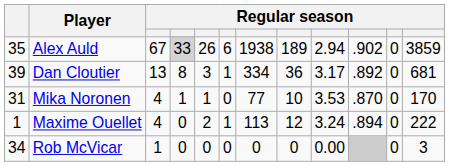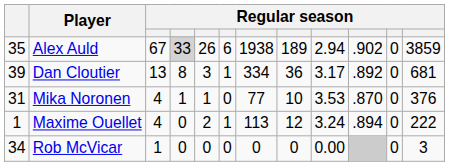 <table class="wikitable plainrowheaders" style="text-align:center;">
 <tr>
 <th scope="col" rowspan="2"></th>
 <th scope="col" rowspan="2">Player</th>
 <th scope=colgroup colspan=10>Regular season</th>
 </tr>
 <tr>
 <th scope="col"></th>
 <th scope="col"></th>
 <th scope="col"></th>
 <th scope="col"></th>
 <th scope="col"></th>
 <th scope="col"></th>
 <th scope="col"></th>
 <th scope="col"></th>
 <th scope="col"></th>
 <th scope="col"></th>
 </tr>
 <tr>
 <td scope="row">35</td>
 <td align="left"><a href='#'>Alex Auld</a></td>
 <td>67</td>
 <td style="background: lightgrey;">33</td>
 <td>26</td>
 <td>6</td>
 <td>1938</td>
 <td>189</td>
 <td>2.94</td>
 <td>.902</td>
 <td>0</td>
 <td>3859</td>
 </tr>
 <tr>
 <td scope="row">39</td>
 <td align="left"><a href='#'>Dan Cloutier</a></td>
 <td>13</td>
 <td>8</td>
 <td>3</td>
 <td>1</td>
 <td>334</td>
 <td>36</td>
 <td>3.17</td>
 <td>.892</td>
 <td>0</td>
 <td>681</td>
 </tr>
 <tr>
 <td scope="row">31</td>
 <td align="left"><a href='#'>Mika Noronen</a></td>
 <td>4</td>
 <td>1</td>
 <td>1</td>
 <td>0</td>
 <td>77</td>
 <td>10</td>
 <td>3.53</td>
 <td>.870</td>
 <td>0</td>
-<td>170</td>
+<td>376</td>
 </tr>
 <tr>
 <td scope="row">1</td>
 <td align="left"><a href='#'>Maxime Ouellet</a></td>
 <td>4</td>
 <td>0</td>
 <td>2</td>
 <td>1</td>
 <td>113</td>
 <td>12</td>
 <td>3.24</td>
 <td>.894</td>
 <td>0</td>
 <td>222</td>
 </tr>
 <tr>
 <td scope="row">34</td>
 <td align="left"><a href='#'>Rob McVicar</a></td>
 <td>1</td>
 <td>0</td>
 <td>0</td>
 <td>0</td>
 <td>0</td>
 <td>0</td>
 <td>0.00</td>
 <td style="background:#ccc"></td>
 <td>0</td>
 <td>3</td>
 </tr>
 </table>
